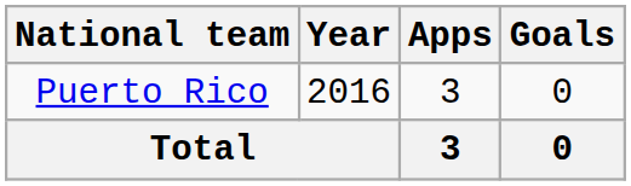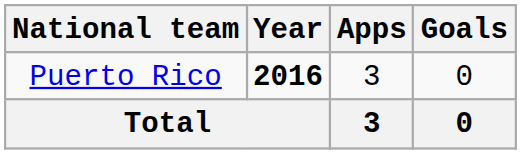 <table class=wikitable style=text-align:center>
 <tr>
 <th>National team</th>
 <th>Year</th>
 <th>Apps</th>
 <th>Goals</th>
 </tr>
 <tr>
 <td><a href='#'>Puerto Rico</a></td>
-<td>2016</td>
+<td><strong>2016</strong></td>
 <td>3</td>
 <td>0</td>
 </tr>
 <tr>
 <th colspan="2">Total</th>
 <th>3</th>
 <th>0</th>
 </tr>
 </table>
